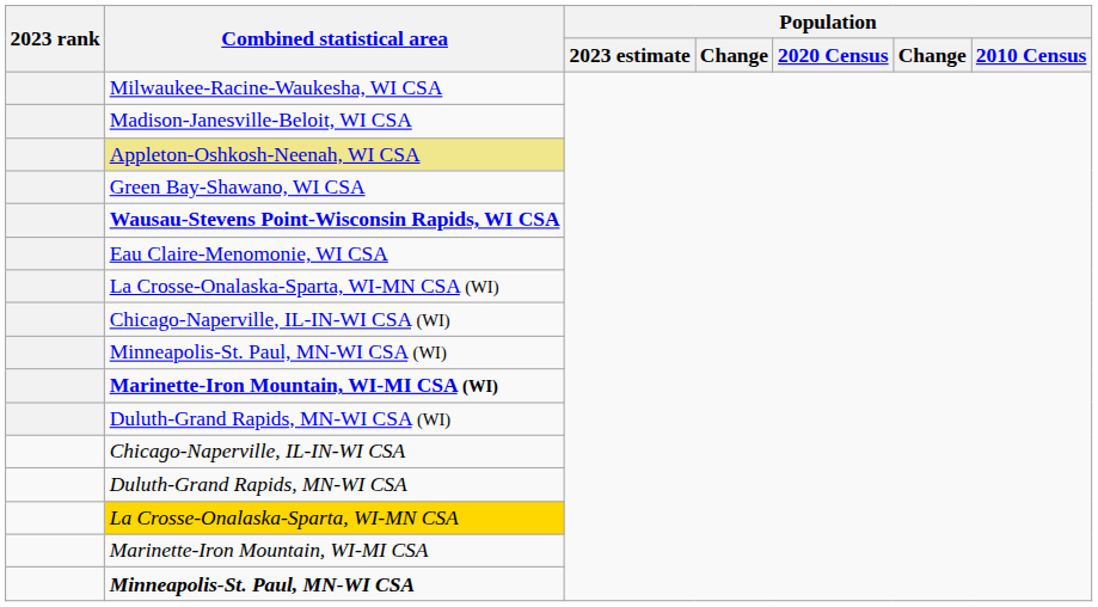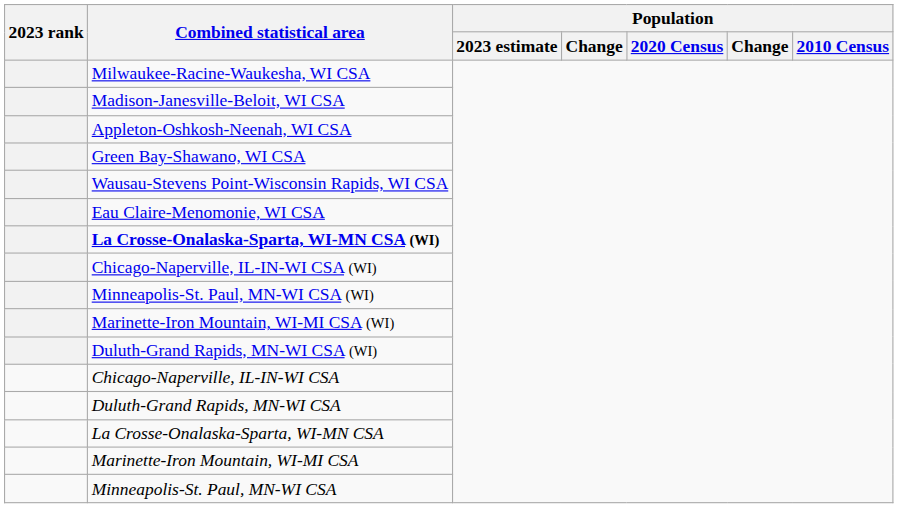 <table class="wikitable sortable">
 <tr>
 <th scope=col rowspan=2>2023 rank</th>
 <th scope=col rowspan=2><a href='#'>Combined statistical area</a></th>
 <th colspan=5>Population</th>
 </tr>
 <tr>
 <th scope=col>2023 estimate</th>
 <th scope=col>Change</th>
 <th scope=col><a href='#'>2020 Census</a></th>
 <th scope=col>Change</th>
 <th scope=col><a href='#'>2010 Census</a></th>
 </tr>
 <tr>
 <th scope=row></th>
 <td><a href='#'>Milwaukee-Racine-Waukesha, WI CSA</a><br></td>
 </tr>
 <tr>
 <th scope=row></th>
 <td><a href='#'>Madison-Janesville-Beloit, WI CSA</a><br></td>
 </tr>
 <tr>
 <th scope=row></th>
-<td style="background: khaki;"><a href='#'>Appleton-Oshkosh-Neenah, WI CSA</a><br></td>
+<td><a href='#'>Appleton-Oshkosh-Neenah, WI CSA</a><br></td>
 </tr>
 <tr>
 <th scope=row></th>
 <td><a href='#'>Green Bay-Shawano, WI CSA</a><br></td>
 </tr>
 <tr>
 <th scope=row></th>
-<td><strong><a href='#'>Wausau-Stevens Point-Wisconsin Rapids, WI CSA</a><br></strong></td>
+<td><a href='#'>Wausau-Stevens Point-Wisconsin Rapids, WI CSA</a><br></td>
 </tr>
 <tr>
 <th scope=row></th>
 <td><a href='#'>Eau Claire-Menomonie, WI CSA</a><br></td>
 </tr>
 <tr>
 <th scope=row></th>
-<td><a href='#'>La Crosse-Onalaska-Sparta, WI-MN CSA</a> <small>(WI)</small><br></td>
+<td><strong><a href='#'>La Crosse-Onalaska-Sparta, WI-MN CSA</a> <small>(WI)</small><br></strong></td>
 </tr>
 <tr>
 <th scope=row></th>
 <td><a href='#'>Chicago-Naperville, IL-IN-WI CSA</a> <small>(WI)</small><br></td>
 </tr>
 <tr>
 <th scope=row></th>
 <td><a href='#'>Minneapolis-St. Paul, MN-WI CSA</a> <small>(WI)</small><br></td>
 </tr>
 <tr>
 <th scope=row></th>
-<td><strong><a href='#'>Marinette-Iron Mountain, WI-MI CSA</a> <small>(WI)</small><br></strong></td>
+<td><a href='#'>Marinette-Iron Mountain, WI-MI CSA</a> <small>(WI)</small><br></td>
 </tr>
 <tr>
 <th scope=row></th>
 <td><a href='#'>Duluth-Grand Rapids, MN-WI CSA</a> <small>(WI)</small><br></td>
 </tr>
 <tr>
 <td></td>
 <td><em><span>Chicago-Naperville, IL-IN-WI CSA</span></em><br></td>
 </tr>
 <tr>
 <td></td>
 <td><em><span>Duluth-Grand Rapids, MN-WI CSA</span></em><br></td>
 </tr>
 <tr>
 <td></td>
-<td style="background: gold;"><em><span>La Crosse-Onalaska-Sparta, WI-MN CSA</span></em><br></td>
+<td><em><span>La Crosse-Onalaska-Sparta, WI-MN CSA</span></em><br></td>
 </tr>
 <tr>
 <td></td>
 <td><em><span>Marinette-Iron Mountain, WI-MI CSA</span></em><br></td>
 </tr>
 <tr>
 <td></td>
-<td><strong><em><span>Minneapolis-St. Paul, MN-WI CSA</span></em><br></strong></td>
+<td><em><span>Minneapolis-St. Paul, MN-WI CSA</span></em><br></td>
 </tr>
 </table>
